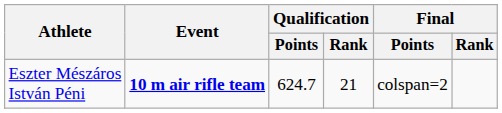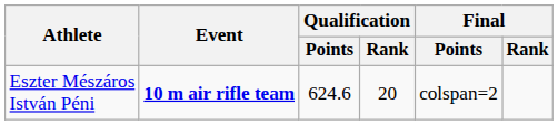 <table class="wikitable" style="font-size:90%">
 <tr>
 <th rowspan="2">Athlete</th>
 <th rowspan="2">Event</th>
 <th colspan=2>Qualification</th>
 <th colspan=2>Final</th>
 </tr>
 <tr style="font-size:95%">
 <th>Points</th>
 <th>Rank</th>
 <th>Points</th>
 <th>Rank</th>
 </tr>
 <tr align=center>
 <td align=left><a href='#'>Eszter Mészáros</a><br><a href='#'>István Péni</a></td>
 <td align=left><strong><a href='#'>10 m air rifle team</a></strong></td>
-<td>624.7</td>
-<td>21</td>
+<td>624.6</td>
+<td>20</td>
 <td>colspan=2 </td>
 </tr>
 </table>
